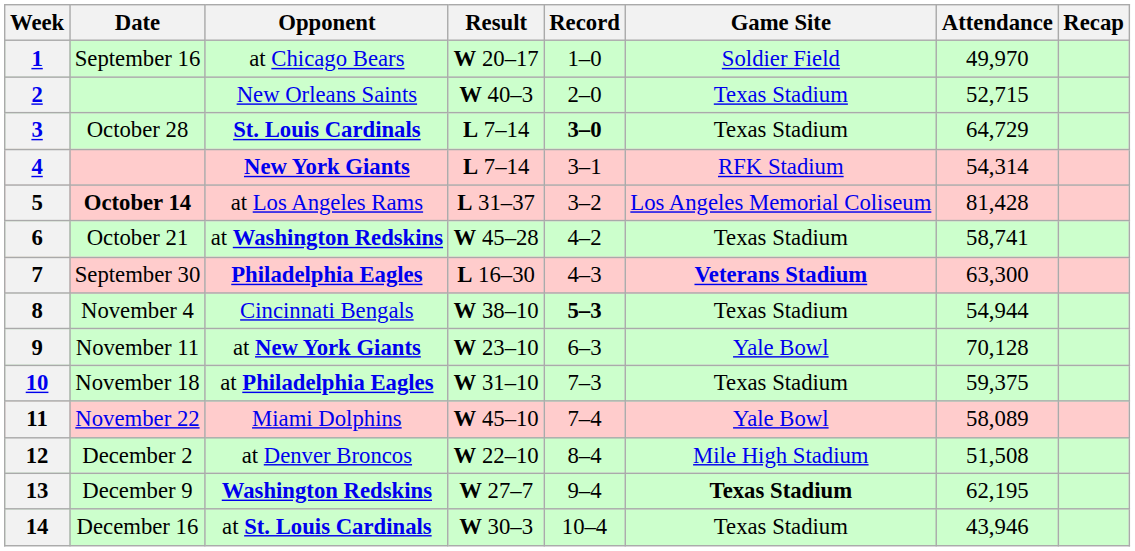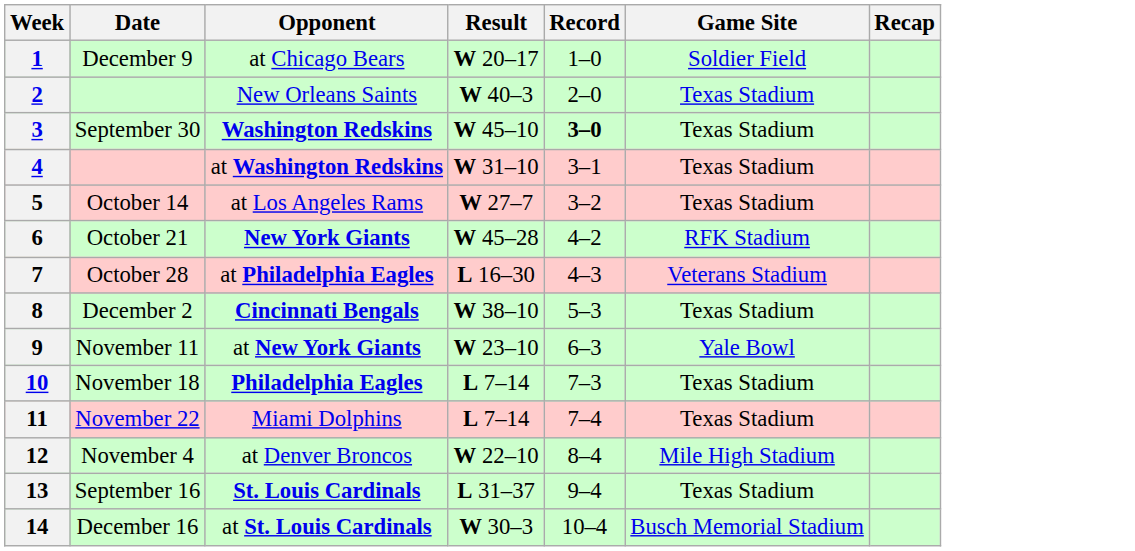 <table class="wikitable" style="text-align:center">
 <tr>
 <th>Week</th>
 <th>Date</th>
 <th>Opponent</th>
 <th>Result</th>
 <th>Record</th>
 <th>Game Site</th>
-<th>Attendance</th>
 <th>Recap</th>
 </tr>
 <tr style="background: #cfc">
 <th><a href='#'>1</a></th>
-<td>September 16</td>
+<td>December 9</td>
 <td>at <a href='#'>Chicago Bears</a></td>
 <td><strong>W</strong> 20–17</td>
 <td>1–0</td>
 <td><a href='#'>Soldier Field</a></td>
-<td>49,970</td>
 <td></td>
 </tr>
 <tr style="background: #cfc">
 <th><a href='#'>2</a></th>
 <td></td>
 <td><a href='#'>New Orleans Saints</a></td>
 <td><strong>W</strong> 40–3</td>
 <td>2–0</td>
 <td><a href='#'>Texas Stadium</a></td>
-<td>52,715</td>
 <td></td>
 </tr>
 <tr style="background: #cfc">
 <th><a href='#'>3</a></th>
-<td>October 28</td>
-<td><strong><a href='#'>St. Louis Cardinals</a></strong></td>
-<td><strong>L</strong> 7–14</td>
+<td>September 30</td>
+<td><strong><a href='#'>Washington Redskins</a></strong></td>
+<td><strong>W</strong> 45–10</td>
 <td><strong>3–0</strong></td>
 <td>Texas Stadium</td>
-<td>64,729</td>
 <td></td>
 </tr>
 <tr style="background: #fcc">
 <th><a href='#'>4</a></th>
 <td></td>
-<td><strong><a href='#'>New York Giants</a></strong></td>
-<td><strong>L</strong> 7–14</td>
+<td>at <strong><a href='#'>Washington Redskins</a></strong></td>
+<td><strong>W</strong> 31–10</td>
 <td>3–1</td>
-<td><a href='#'>RFK Stadium</a></td>
-<td>54,314</td>
+<td>Texas Stadium</td>
 <td></td>
 </tr>
 <tr style="background: #fcc">
 <th>5</th>
-<td><strong>October 14</strong></td>
+<td>October 14</td>
 <td>at <a href='#'>Los Angeles Rams</a></td>
-<td><strong>L</strong> 31–37</td>
+<td><strong>W</strong> 27–7</td>
 <td>3–2</td>
-<td><a href='#'>Los Angeles Memorial Coliseum</a></td>
-<td>81,428</td>
+<td>Texas Stadium</td>
 <td></td>
 </tr>
 <tr style="background: #cfc">
 <th>6</th>
 <td>October 21</td>
-<td>at <strong><a href='#'>Washington Redskins</a></strong></td>
+<td><strong><a href='#'>New York Giants</a></strong></td>
 <td><strong>W</strong> 45–28</td>
 <td>4–2</td>
-<td>Texas Stadium</td>
-<td>58,741</td>
+<td><a href='#'>RFK Stadium</a></td>
 <td></td>
 </tr>
 <tr style="background: #fcc">
 <th>7</th>
-<td>September 30</td>
-<td><strong><a href='#'>Philadelphia Eagles</a></strong></td>
+<td>October 28</td>
+<td>at <strong><a href='#'>Philadelphia Eagles</a></strong></td>
 <td><strong>L</strong> 16–30</td>
 <td>4–3</td>
-<td><strong><a href='#'>Veterans Stadium</a></strong></td>
-<td>63,300</td>
+<td><a href='#'>Veterans Stadium</a></td>
 <td></td>
 </tr>
 <tr style="background: #cfc">
 <th>8</th>
-<td>November 4</td>
-<td><a href='#'>Cincinnati Bengals</a></td>
+<td>December 2</td>
+<td><strong><a href='#'>Cincinnati Bengals</a></strong></td>
 <td><strong>W</strong> 38–10</td>
-<td><strong>5–3</strong></td>
+<td>5–3</td>
 <td>Texas Stadium</td>
-<td>54,944</td>
 <td></td>
 </tr>
 <tr style="background: #cfc">
 <th>9</th>
 <td>November 11</td>
 <td>at <strong><a href='#'>New York Giants</a></strong></td>
 <td><strong>W</strong> 23–10</td>
 <td>6–3</td>
 <td><a href='#'>Yale Bowl</a></td>
-<td>70,128</td>
 <td></td>
 </tr>
 <tr style="background: #cfc">
 <th><a href='#'>10</a></th>
 <td>November 18</td>
-<td>at <strong><a href='#'>Philadelphia Eagles</a></strong></td>
-<td><strong>W</strong> 31–10</td>
+<td><strong><a href='#'>Philadelphia Eagles</a></strong></td>
+<td><strong>L</strong> 7–14</td>
 <td>7–3</td>
 <td>Texas Stadium</td>
-<td>59,375</td>
 <td></td>
 </tr>
 <tr style="background: #fcc">
 <th>11</th>
 <td><a href='#'>November 22</a></td>
 <td><a href='#'>Miami Dolphins</a></td>
-<td><strong>W</strong> 45–10</td>
+<td><strong>L</strong> 7–14</td>
 <td>7–4</td>
-<td><a href='#'>Yale Bowl</a></td>
-<td>58,089</td>
+<td>Texas Stadium</td>
 <td></td>
 </tr>
 <tr style="background: #cfc">
 <th>12</th>
-<td>December 2</td>
+<td>November 4</td>
 <td>at <a href='#'>Denver Broncos</a></td>
 <td><strong>W</strong> 22–10</td>
 <td>8–4</td>
 <td><a href='#'>Mile High Stadium</a></td>
-<td>51,508</td>
 <td></td>
 </tr>
 <tr style="background: #cfc">
 <th>13</th>
-<td>December 9</td>
-<td><strong><a href='#'>Washington Redskins</a></strong></td>
-<td><strong>W</strong> 27–7</td>
+<td>September 16</td>
+<td><strong><a href='#'>St. Louis Cardinals</a></strong></td>
+<td><strong>L</strong> 31–37</td>
 <td>9–4</td>
-<td><strong>Texas Stadium</strong></td>
-<td>62,195</td>
+<td>Texas Stadium</td>
 <td></td>
 </tr>
 <tr style="background: #cfc">
 <th>14</th>
 <td>December 16</td>
 <td>at <strong><a href='#'>St. Louis Cardinals</a></strong></td>
 <td><strong>W</strong> 30–3</td>
 <td>10–4</td>
-<td>Texas Stadium</td>
-<td>43,946</td>
+<td><a href='#'>Busch Memorial Stadium</a></td>
 <td></td>
 </tr>
 </table>
